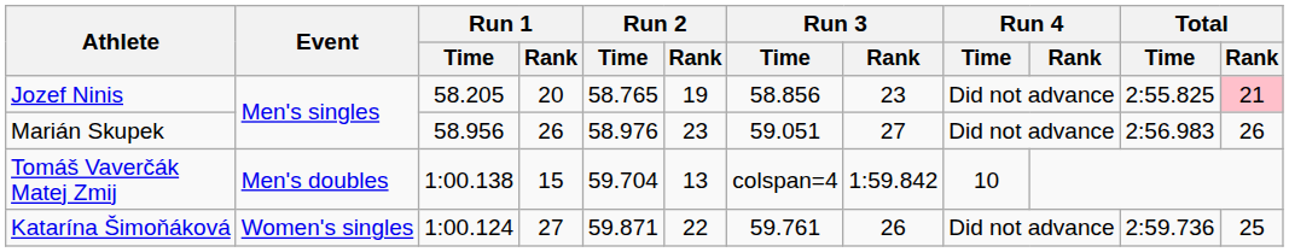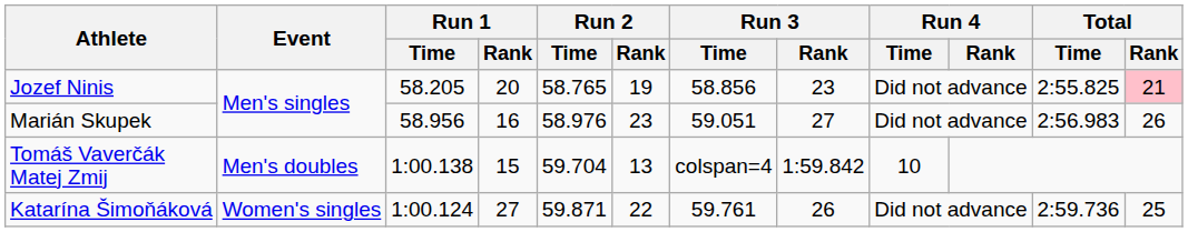 <table class="wikitable" style="font-size:90%">
 <tr>
 <th rowspan="2">Athlete</th>
 <th rowspan="2">Event</th>
 <th colspan=2>Run 1</th>
 <th colspan=2>Run 2</th>
 <th colspan=2>Run 3</th>
 <th colspan=2>Run 4</th>
 <th colspan=2>Total</th>
 </tr>
 <tr style="font-size:95%">
 <th>Time</th>
 <th>Rank</th>
 <th>Time</th>
 <th>Rank</th>
 <th>Time</th>
 <th>Rank</th>
 <th>Time</th>
 <th>Rank</th>
 <th>Time</th>
 <th>Rank</th>
 </tr>
 <tr align=center>
 <td align=left><a href='#'>Jozef Ninis</a></td>
 <td align=left rowspan=2><a href='#'>Men's singles</a></td>
 <td>58.205</td>
 <td>20</td>
 <td>58.765</td>
 <td>19</td>
 <td>58.856</td>
 <td>23</td>
 <td colspan="2">Did not advance</td>
 <td>2:55.825</td>
 <td style="background: pink;">21</td>
 </tr>
 <tr align=center>
 <td align=left>Marián Skupek</td>
 <td>58.956</td>
-<td>26</td>
+<td>16</td>
 <td>58.976</td>
 <td>23</td>
 <td>59.051</td>
 <td>27</td>
 <td colspan="2">Did not advance</td>
 <td>2:56.983</td>
 <td>26</td>
 </tr>
 <tr align=center>
 <td align=left><a href='#'>Tomáš Vaverčák</a><br><a href='#'>Matej Zmij</a></td>
 <td align=left><a href='#'>Men's doubles</a></td>
 <td>1:00.138</td>
 <td>15</td>
 <td>59.704</td>
 <td>13</td>
 <td>colspan=4 </td>
 <td>1:59.842</td>
 <td>10</td>
 </tr>
 <tr align=center>
 <td align=left><a href='#'>Katarína Šimoňáková</a></td>
 <td align=left><a href='#'>Women's singles</a></td>
 <td>1:00.124</td>
 <td>27</td>
 <td>59.871</td>
 <td>22</td>
 <td>59.761</td>
 <td>26</td>
 <td colspan="2">Did not advance</td>
 <td>2:59.736</td>
 <td>25</td>
 </tr>
 </table>
